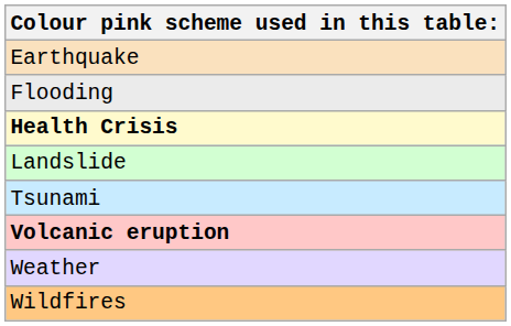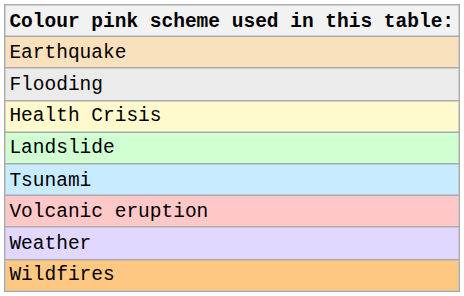 <table class="wikitable sortable">
 <tr>
 <th>Colour pink scheme used in this table:</th>
 </tr>
 <tr>
 <td style="background: rgb(250,225,190)">Earthquake</td>
 </tr>
 <tr>
 <td style="background: rgb(235,235,235)">Flooding</td>
 </tr>
 <tr>
-<td style="background: rgb(255,250,205)"><strong>Health Crisis</strong></td>
+<td style="background: rgb(255,250,205)">Health Crisis</td>
 </tr>
 <tr>
 <td style="background: rgb(210,255,210)">Landslide</td>
 </tr>
 <tr>
 <td style="background: rgb(200,235,300)">Tsunami</td>
 </tr>
 <tr>
-<td style="background: rgb(300,200,200)"><strong>Volcanic eruption</strong></td>
+<td style="background: rgb(300,200,200)">Volcanic eruption</td>
 </tr>
 <tr>
 <td style="background: rgb(225,215,265)">Weather</td>
 </tr>
 <tr>
 <td style="background: rgb(325,200,130)">Wildfires</td>
 </tr>
 </table>
